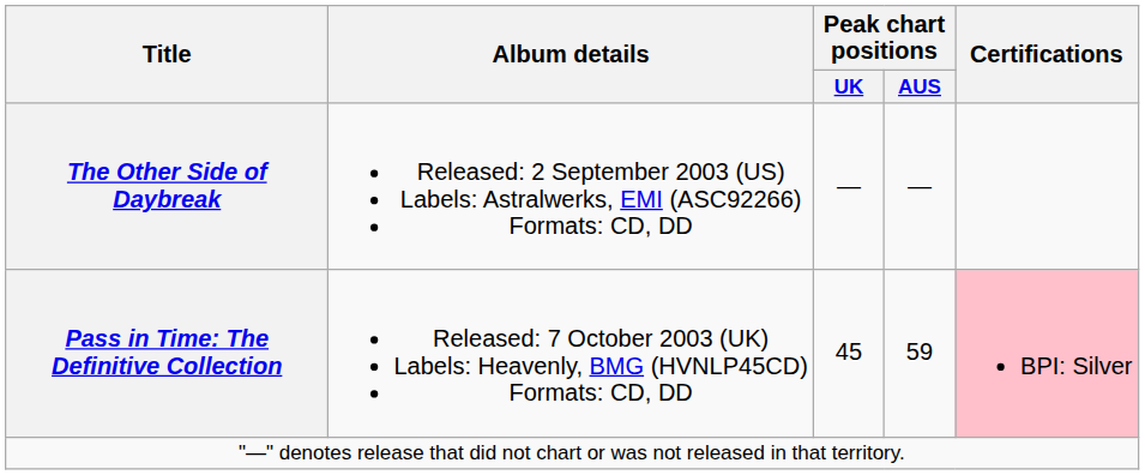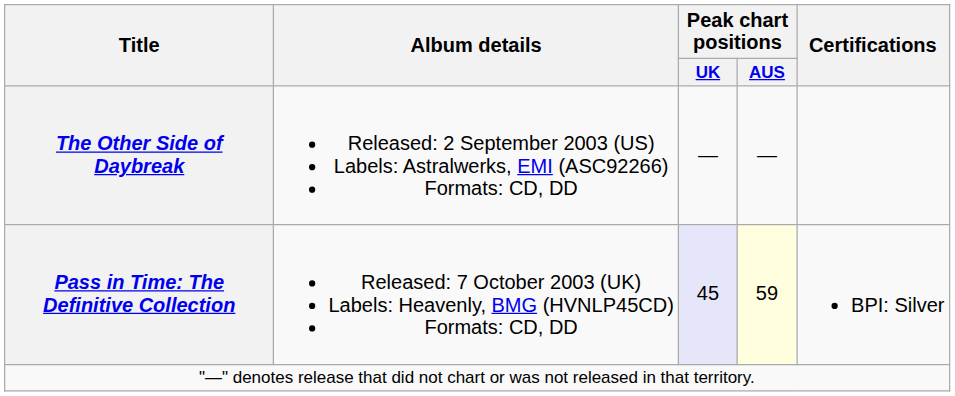 <table class="wikitable plainrowheaders" style="text-align:center;">
 <tr>
 <th scope="col" rowspan="2" style="width:13em;">Title</th>
 <th scope="col" rowspan="2">Album details</th>
 <th scope="col" colspan="2">Peak chart positions</th>
 <th scope="col" rowspan="2">Certifications</th>
 </tr>
 <tr>
 <th scope="col" style="width:3em;font-size:85%;"><a href='#'>UK</a><br></th>
 <th scope="col" style="width:3em;font-size:85%;"><a href='#'>AUS</a><br></th>
 </tr>
 <tr>
 <th scope="row"><em><a href='#'>The Other Side of Daybreak</a></em></th>
 <td><br><ul><li>Released: 2 September 2003 <span>(US)</span></li><li>Labels: Astralwerks, <a href='#'>EMI</a> <span>(ASC92266)</span></li><li>Formats: CD, DD</li></ul></td>
 <td>—</td>
 <td>—</td>
 <td></td>
 </tr>
 <tr>
 <th scope="row"><em><a href='#'>Pass in Time: The Definitive Collection</a></em></th>
 <td><br><ul><li>Released: 7 October 2003 <span>(UK)</span></li><li>Labels: Heavenly, <a href='#'>BMG</a> <span>(HVNLP45CD)</span></li><li>Formats: CD, DD</li></ul></td>
-<td>45</td>
-<td>59</td>
-<td style="background: pink;"><br><ul><li>BPI: Silver</li></ul></td>
+<td style="background: lavender;">45</td>
+<td style="background: lightyellow;">59</td>
+<td><br><ul><li>BPI: Silver</li></ul></td>
 </tr>
 <tr>
 <td colspan="18" style="font-size:85%">"—" denotes release that did not chart or was not released in that territory.</td>
 </tr>
 </table>
